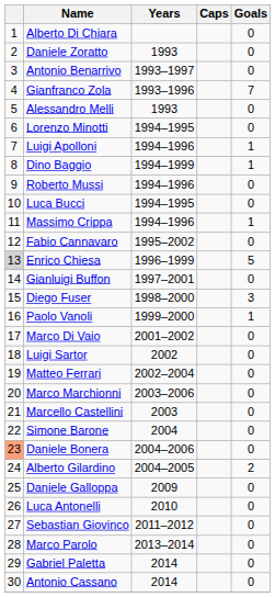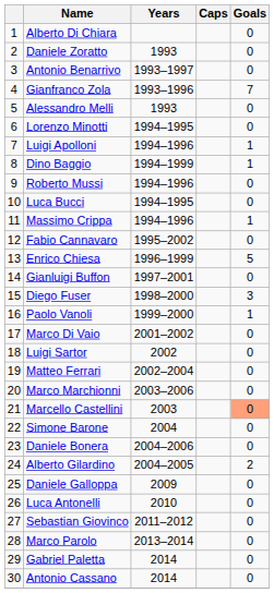 <table class="wikitable sortable" style="text-align: center">
 <tr>
 <th></th>
 <th>Name</th>
 <th>Years</th>
 <th>Caps</th>
 <th>Goals</th>
 </tr>
 <tr>
 <td>1</td>
 <td align="left"><a href='#'>Alberto Di Chiara</a></td>
 <td></td>
 <td></td>
 <td>0</td>
 </tr>
 <tr>
 <td>2</td>
 <td align="left"><a href='#'>Daniele Zoratto</a></td>
 <td>1993</td>
 <td></td>
 <td>0</td>
 </tr>
 <tr>
 <td>3</td>
 <td align="left"><a href='#'>Antonio Benarrivo</a></td>
 <td>1993–1997</td>
 <td></td>
 <td>0</td>
 </tr>
 <tr>
 <td>4</td>
 <td align="left"><a href='#'>Gianfranco Zola</a></td>
 <td>1993–1996</td>
 <td></td>
 <td>7</td>
 </tr>
 <tr>
 <td>5</td>
 <td align="left"><a href='#'>Alessandro Melli</a></td>
 <td>1993</td>
 <td></td>
 <td>0</td>
 </tr>
 <tr>
 <td>6</td>
 <td align="left"><a href='#'>Lorenzo Minotti</a></td>
 <td>1994–1995</td>
 <td></td>
 <td>0</td>
 </tr>
 <tr>
 <td>7</td>
 <td align="left"><a href='#'>Luigi Apolloni</a></td>
 <td>1994–1996</td>
 <td></td>
 <td>1</td>
 </tr>
 <tr>
 <td>8</td>
 <td align="left"><a href='#'>Dino Baggio</a></td>
 <td>1994–1999</td>
 <td></td>
 <td>1</td>
 </tr>
 <tr>
 <td>9</td>
 <td align="left"><a href='#'>Roberto Mussi</a></td>
 <td>1994–1996</td>
 <td></td>
 <td>0</td>
 </tr>
 <tr>
 <td>10</td>
 <td align="left"><a href='#'>Luca Bucci</a></td>
 <td>1994–1995</td>
 <td></td>
 <td>0</td>
 </tr>
 <tr>
 <td>11</td>
 <td align="left"><a href='#'>Massimo Crippa</a></td>
 <td>1994–1996</td>
 <td></td>
 <td>1</td>
 </tr>
 <tr>
 <td>12</td>
 <td align="left"><a href='#'>Fabio Cannavaro</a></td>
 <td>1995–2002</td>
 <td></td>
 <td>0</td>
 </tr>
 <tr>
-<td style="background: lightgrey;">13</td>
+<td>13</td>
 <td align="left"><a href='#'>Enrico Chiesa</a></td>
 <td>1996–1999</td>
 <td></td>
 <td>5</td>
 </tr>
 <tr>
 <td>14</td>
 <td align="left"><a href='#'>Gianluigi Buffon</a></td>
 <td>1997–2001</td>
 <td></td>
 <td>0</td>
 </tr>
 <tr>
 <td>15</td>
 <td align="left"><a href='#'>Diego Fuser</a></td>
 <td>1998–2000</td>
 <td></td>
 <td>3</td>
 </tr>
 <tr>
 <td>16</td>
 <td align="left"><a href='#'>Paolo Vanoli</a></td>
 <td>1999–2000</td>
 <td></td>
 <td>1</td>
 </tr>
 <tr>
 <td>17</td>
 <td align="left"><a href='#'>Marco Di Vaio</a></td>
 <td>2001–2002</td>
 <td></td>
 <td>0</td>
 </tr>
 <tr>
 <td>18</td>
 <td align="left"><a href='#'>Luigi Sartor</a></td>
 <td>2002</td>
 <td></td>
 <td>0</td>
 </tr>
 <tr>
 <td>19</td>
 <td align="left"><a href='#'>Matteo Ferrari</a></td>
 <td>2002–2004</td>
 <td></td>
 <td>0</td>
 </tr>
 <tr>
 <td>20</td>
 <td align="left"><a href='#'>Marco Marchionni</a></td>
 <td>2003–2006</td>
 <td></td>
 <td>0</td>
 </tr>
 <tr>
 <td>21</td>
 <td align="left"><a href='#'>Marcello Castellini</a></td>
 <td>2003</td>
 <td></td>
-<td>0</td>
+<td style="background: lightsalmon;">0</td>
 </tr>
 <tr>
 <td>22</td>
 <td align="left"><a href='#'>Simone Barone</a></td>
 <td>2004</td>
 <td></td>
 <td>0</td>
 </tr>
 <tr>
-<td style="background: lightsalmon;">23</td>
+<td>23</td>
 <td align="left"><a href='#'>Daniele Bonera</a></td>
 <td>2004–2006</td>
 <td></td>
 <td>0</td>
 </tr>
 <tr>
 <td>24</td>
 <td align="left"><a href='#'>Alberto Gilardino</a></td>
 <td>2004–2005</td>
 <td></td>
 <td>2</td>
 </tr>
 <tr>
 <td>25</td>
 <td align="left"><a href='#'>Daniele Galloppa</a></td>
 <td>2009</td>
 <td></td>
 <td>0</td>
 </tr>
 <tr>
 <td>26</td>
 <td align="left"><a href='#'>Luca Antonelli</a></td>
 <td>2010</td>
 <td></td>
 <td>0</td>
 </tr>
 <tr>
 <td>27</td>
 <td align="left"><a href='#'>Sebastian Giovinco</a></td>
 <td>2011–2012</td>
 <td></td>
 <td>0</td>
 </tr>
 <tr>
 <td>28</td>
 <td align="left"><a href='#'>Marco Parolo</a></td>
 <td>2013–2014</td>
 <td></td>
 <td>0</td>
 </tr>
 <tr>
 <td>29</td>
 <td align="left"><a href='#'>Gabriel Paletta</a></td>
 <td>2014</td>
 <td></td>
 <td>0</td>
 </tr>
 <tr>
 <td>30</td>
 <td align="left"><a href='#'>Antonio Cassano</a></td>
 <td>2014</td>
 <td></td>
 <td>0</td>
 </tr>
 <tr>
 </tr>
 </table>
